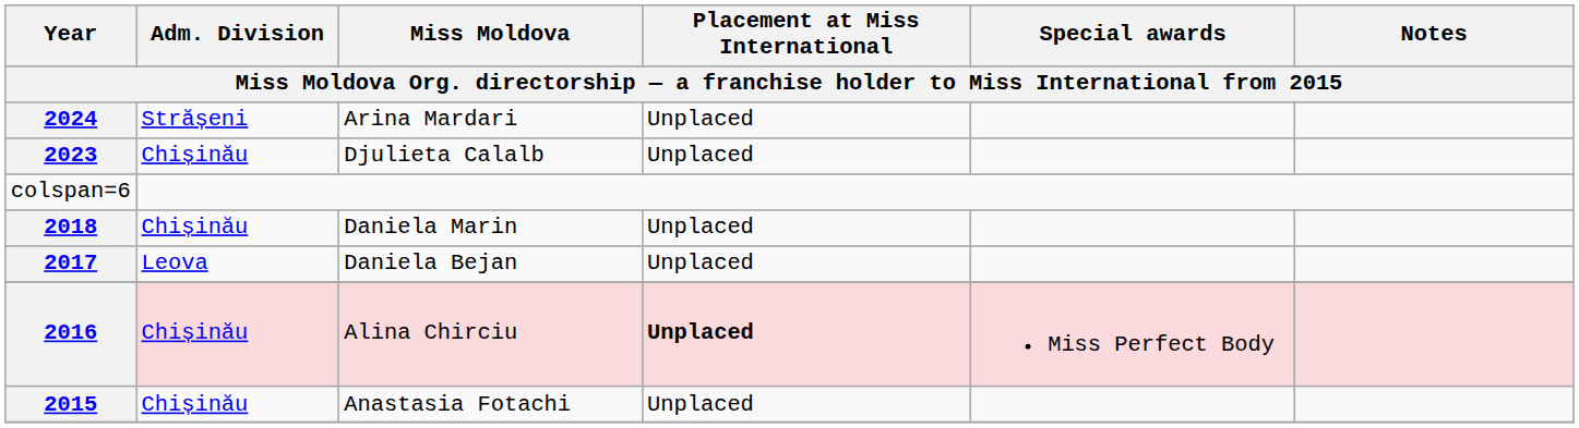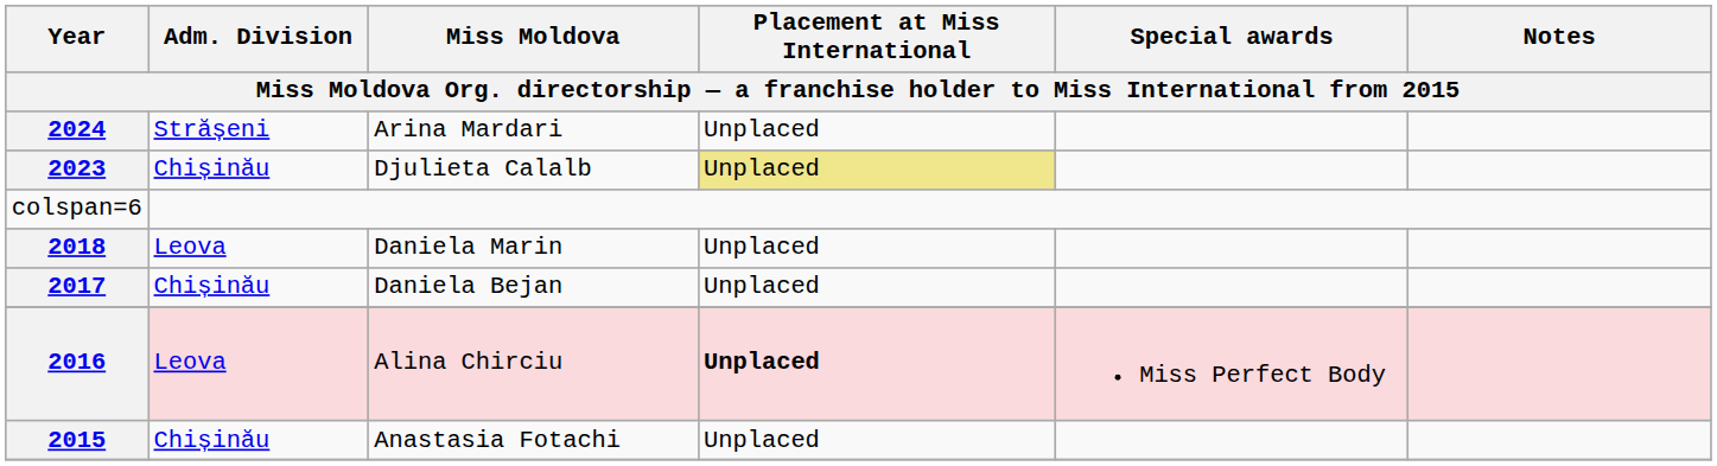 <table class="wikitable " style="font-size: 95%;">
 <tr>
 <th width="60">Year</th>
 <th width="150">Adm. Division</th>
 <th width="250">Miss Moldova</th>
 <th width="250">Placement at Miss International</th>
 <th width="250">Special awards</th>
 <th width="250">Notes</th>
 </tr>
 <tr>
 <th colspan="6">Miss Moldova Org. directorship — a franchise holder to Miss International from 2015</th>
 </tr>
 <tr>
 <th><a href='#'>2024</a></th>
 <td> <a href='#'>Strășeni</a></td>
 <td>Arina Mardari</td>
 <td>Unplaced</td>
 <td></td>
 <td></td>
 </tr>
 <tr>
 <th><a href='#'>2023</a></th>
 <td> <a href='#'>Chișinău</a></td>
 <td>Djulieta Calalb</td>
-<td>Unplaced</td>
+<td style="background: khaki;">Unplaced</td>
 <td></td>
 <td></td>
 </tr>
 <tr>
 <td>colspan=6 </td>
 </tr>
 <tr>
 <th><a href='#'>2018</a></th>
-<td> <a href='#'>Chișinău</a></td>
+<td> <a href='#'>Leova</a></td>
 <td>Daniela Marin</td>
 <td>Unplaced</td>
 <td></td>
 <td></td>
 </tr>
 <tr>
 <th><a href='#'>2017</a></th>
-<td> <a href='#'>Leova</a></td>
+<td> <a href='#'>Chișinău</a></td>
 <td>Daniela Bejan</td>
 <td>Unplaced</td>
 <td></td>
 <td></td>
 </tr>
 <tr>
 </tr>
 <tr style="background-color:#FADADD;">
 <th><a href='#'>2016</a></th>
-<td> <a href='#'>Chișinău</a></td>
+<td> <a href='#'>Leova</a></td>
 <td>Alina Chirciu</td>
 <td><strong>Unplaced</strong></td>
 <td><br><ul><li>Miss Perfect Body</li></ul></td>
 <td></td>
 </tr>
 <tr>
 <th><a href='#'>2015</a></th>
 <td> <a href='#'>Chișinău</a></td>
 <td>Anastasia Fotachi</td>
 <td>Unplaced</td>
 <td></td>
 <td></td>
 </tr>
 <tr>
 </tr>
 </table>
